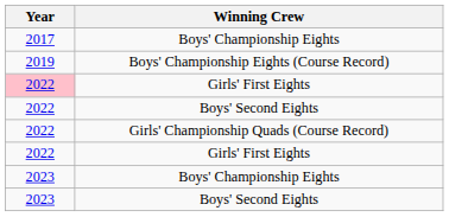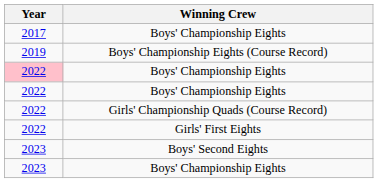 <table class="wikitable" style="text-align:center">
 <tr>
 <th width=70>Year</th>
 <th width=400>Winning Crew</th>
 </tr>
 <tr>
 <td><a href='#'>2017</a></td>
 <td>Boys' Championship Eights</td>
 </tr>
 <tr>
 <td><a href='#'>2019</a></td>
 <td>Boys' Championship Eights (Course Record)</td>
 </tr>
 <tr>
 <td style="background: pink;"><a href='#'>2022</a></td>
-<td>Girls' First Eights</td>
+<td>Boys' Championship Eights</td>
 </tr>
 <tr>
 <td><a href='#'>2022</a></td>
-<td>Boys' Second Eights</td>
+<td>Boys' Championship Eights</td>
 </tr>
 <tr>
 <td><a href='#'>2022</a></td>
 <td>Girls' Championship Quads (Course Record)</td>
 </tr>
 <tr>
 <td><a href='#'>2022</a></td>
 <td>Girls' First Eights</td>
 </tr>
 <tr>
 <td><a href='#'>2023</a></td>
-<td>Boys' Championship Eights</td>
+<td>Boys' Second Eights</td>
 </tr>
 <tr>
 <td><a href='#'>2023</a></td>
-<td>Boys' Second Eights</td>
+<td>Boys' Championship Eights</td>
 </tr>
 </table>
